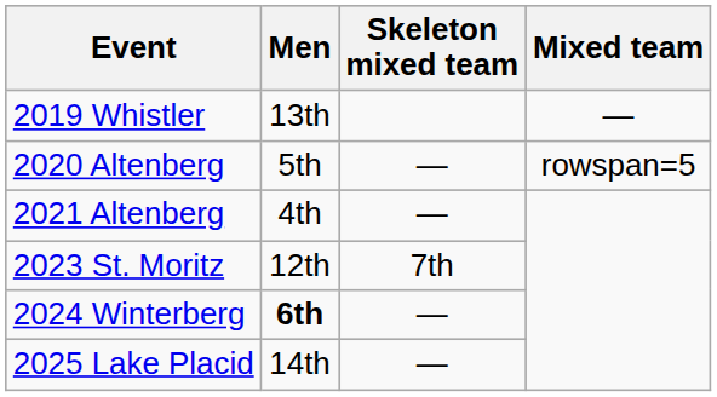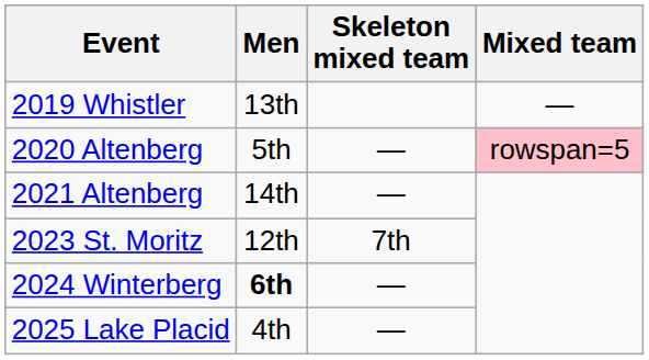 <table class="wikitable" style="text-align:center">
 <tr>
 <th>Event</th>
 <th>Men</th>
 <th>Skeleton<br>mixed team</th>
 <th>Mixed team</th>
 </tr>
 <tr>
 <td style="text-align:left"> <a href='#'>2019 Whistler</a></td>
 <td>13th</td>
 <td></td>
 <td>—</td>
 </tr>
 <tr>
 <td style="text-align:left"> <a href='#'>2020 Altenberg</a></td>
 <td>5th</td>
 <td>—</td>
-<td>rowspan=5 </td>
+<td style="background: pink;">rowspan=5 </td>
 </tr>
 <tr>
 <td style="text-align:left"> <a href='#'>2021 Altenberg</a></td>
-<td>4th</td>
+<td>14th</td>
 <td>—</td>
 </tr>
 <tr>
 <td style="text-align:left"> <a href='#'>2023 St. Moritz</a></td>
 <td>12th</td>
 <td>7th</td>
 </tr>
 <tr>
 <td style="text-align:left"> <a href='#'>2024 Winterberg</a></td>
 <td><strong>6th</strong></td>
 <td>—</td>
 </tr>
 <tr>
 <td style="text-align:left"> <a href='#'>2025 Lake Placid</a></td>
-<td>14th</td>
+<td>4th</td>
 <td>—</td>
 </tr>
 </table>
